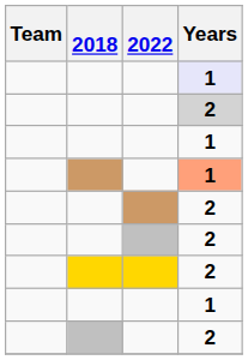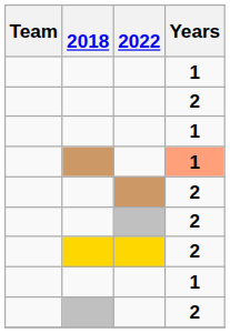 <table class="wikitable sortable" style="text-align:center; font-size:90%">
 <tr bgcolor=>
 <th><strong>Team</strong></th>
 <th><br><a href='#'>2018</a></th>
 <th><br><a href='#'>2022</a></th>
 <th>Years</th>
 </tr>
 <tr>
 <td align=left></td>
 <td></td>
 <td></td>
-<td style="background: lavender;"><strong>1</strong></td>
+<td><strong>1</strong></td>
 </tr>
 <tr>
 <td align=left></td>
 <td></td>
 <td></td>
-<td style="background: lightgrey;"><strong>2</strong></td>
+<td><strong>2</strong></td>
 </tr>
 <tr>
 <td align=left></td>
 <td></td>
 <td></td>
 <td><strong>1</strong></td>
 </tr>
 <tr>
 <td align=left></td>
 <td bgcolor=#CC9966></td>
 <td></td>
 <td style="background: lightsalmon;"><strong>1</strong></td>
 </tr>
 <tr>
 <td align=left></td>
 <td></td>
 <td bgcolor=#CC9966></td>
 <td><strong>2</strong></td>
 </tr>
 <tr>
 <td align=left></td>
 <td></td>
 <td bgcolor=silver></td>
 <td><strong>2</strong></td>
 </tr>
 <tr>
 <td align=left></td>
 <td bgcolor=gold></td>
 <td bgcolor=gold></td>
 <td><strong>2</strong></td>
 </tr>
 <tr>
 <td align=left></td>
 <td></td>
 <td></td>
 <td><strong>1</strong></td>
 </tr>
 <tr>
 <td align=left></td>
 <td bgcolor=silver></td>
 <td></td>
 <td><strong>2</strong></td>
 </tr>
 <tr>
 </tr>
 </table>
